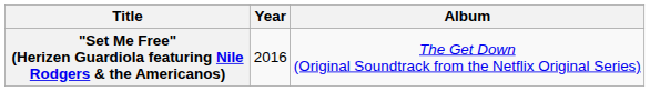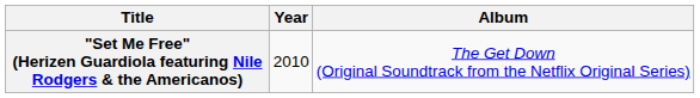 <table class="wikitable plainrowheaders" style="text-align:center;">
 <tr>
 <th scope="col" style="width:16em;">Title</th>
 <th scope="col">Year</th>
 <th>Album</th>
 </tr>
 <tr>
 <th scope="row">"Set Me Free"<br><span>(Herizen Guardiola featuring <a href='#'>Nile Rodgers</a> & the Americanos)</span></th>
-<td>2016</td>
+<td>2010</td>
 <td><em><a href='#'>The Get Down</a></em><br><span><a href='#'>(Original Soundtrack from the Netflix Original Series)</a></span></td>
 </tr>
 </table>
